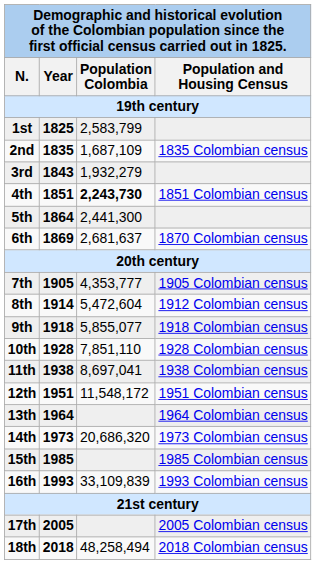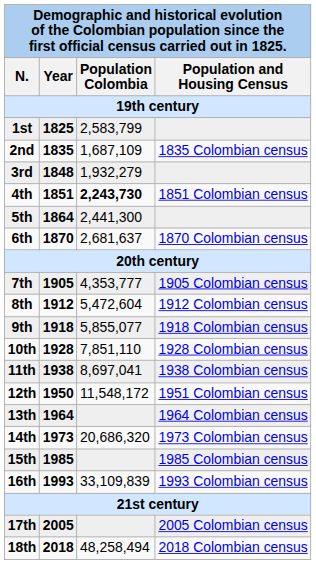 <table class="wikitable">
 <tr>
 <th colspan= "4" style="text-align:center; background:#abcdef;">Demographic and historical evolution <br>of the Colombian population since the <br> first official census carried out in 1825.</th>
 </tr>
 <tr>
 <th>N.</th>
 <th>Year</th>
 <th>Population<br>Colombia</th>
 <th>Population and <br> Housing Census</th>
 </tr>
 <tr align="center">
 <td colspan="4" style="background:#D0E7FF"><strong>19th century</strong></td>
 </tr>
 <tr align="center" style="background:#efefef; color:black">
 <td><strong>1st</strong></td>
 <td><strong>1825</strong></td>
 <td align="left"> 2,583,799</td>
 <td></td>
 </tr>
 <tr align="center">
 <td><strong>2nd</strong></td>
 <td><strong>1835</strong></td>
 <td align="left"> 1,687,109</td>
 <td><a href='#'>1835 Colombian census</a></td>
 </tr>
 <tr align="center" style="background:#efefef; color:black">
 <td><strong>3rd</strong></td>
-<td><strong>1843</strong></td>
+<td><strong>1848</strong></td>
 <td align="left"> 1,932,279</td>
 <td></td>
 </tr>
 <tr align="center">
 <td><strong>4th</strong></td>
 <td><strong>1851</strong></td>
 <td align="left"><strong> 2,243,730</strong></td>
 <td><a href='#'>1851 Colombian census</a></td>
 </tr>
 <tr align="center" style="background:#efefef; color:black">
 <td><strong>5th</strong></td>
 <td><strong>1864</strong></td>
 <td align="left"> 2,441,300</td>
 <td></td>
 </tr>
 <tr align="center">
 <td><strong>6th</strong></td>
-<td><strong>1869</strong></td>
+<td><strong>1870</strong></td>
 <td align="left"> 2,681,637</td>
 <td><a href='#'>1870 Colombian census</a></td>
 </tr>
 <tr align="center">
 <td colspan="4" style="background:#D0E7FF"><strong>20th century</strong></td>
 </tr>
 <tr align="center" style="background:#efefef; color:black">
 <td><strong>7th</strong></td>
 <td><strong>1905</strong></td>
 <td align="left"> 4,353,777</td>
 <td><a href='#'>1905 Colombian census</a></td>
 </tr>
 <tr align="center">
 <td><strong>8th</strong></td>
-<td><strong>1914</strong></td>
+<td><strong>1912</strong></td>
 <td align="left"> 5,472,604</td>
 <td><a href='#'>1912 Colombian census</a></td>
 </tr>
 <tr align="center" style="background:#efefef; color:black">
 <td><strong>9th</strong></td>
 <td><strong>1918</strong></td>
 <td align="left"> 5,855,077</td>
 <td><a href='#'>1918 Colombian census</a></td>
 </tr>
 <tr align="center">
 <td><strong>10th</strong></td>
 <td><strong>1928</strong></td>
 <td align="left"> 7,851,110</td>
 <td><a href='#'>1928 Colombian census</a></td>
 </tr>
 <tr align="center" style="background:#efefef; color:black">
 <td><strong>11th</strong></td>
 <td><strong>1938</strong></td>
 <td align="left"> 8,697,041</td>
 <td><a href='#'>1938 Colombian census</a></td>
 </tr>
 <tr align="center">
 <td><strong>12th</strong></td>
-<td><strong>1951</strong></td>
+<td><strong>1950</strong></td>
 <td align="left"> 11,548,172</td>
 <td><a href='#'>1951 Colombian census</a></td>
 </tr>
 <tr align="center" style="background:#efefef; color:black">
 <td><strong>13th</strong></td>
 <td><strong>1964</strong></td>
 <td align="left"></td>
 <td><a href='#'>1964 Colombian census</a></td>
 </tr>
 <tr align="center">
 <td><strong>14th</strong></td>
 <td><strong>1973</strong></td>
 <td align="left"> 20,686,320</td>
 <td><a href='#'>1973 Colombian census</a></td>
 </tr>
 <tr align="center" style="background:#efefef; color:black">
 <td><strong>15th</strong></td>
 <td><strong>1985</strong></td>
 <td align="left"></td>
 <td><a href='#'>1985 Colombian census</a></td>
 </tr>
 <tr align="center">
 <td><strong>16th</strong></td>
 <td><strong>1993</strong></td>
 <td align="left"> 33,109,839</td>
 <td><a href='#'>1993 Colombian census</a></td>
 </tr>
 <tr align="center">
 <td colspan="4" style="background:#D0E7FF"><strong>21st century</strong></td>
 </tr>
 <tr align="center" style="background:#efefef; color:black">
 <td><strong>17th</strong></td>
 <td><strong>2005</strong></td>
 <td align="left"></td>
 <td><a href='#'>2005 Colombian census</a></td>
 </tr>
 <tr align="center">
 <td><strong>18th</strong></td>
 <td><strong>2018</strong></td>
 <td align="left"> 48,258,494</td>
 <td><a href='#'>2018 Colombian census</a></td>
 </tr>
 </table>
